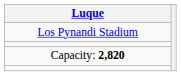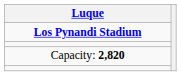 <table class="wikitable" style="margin:1em auto; text-align:center">
 <tr>
 <th width=220><a href='#'>Luque</a><br></th>
 <th rowspan=5 colspan=2></th>
 </tr>
 <tr>
-<td><a href='#'>Los Pynandi Stadium</a></td>
+<td><strong><a href='#'>Los Pynandi Stadium</a></strong></td>
 </tr>
 <tr>
 <td><small></small></td>
 </tr>
 <tr>
 <td>Capacity: <strong>2,820</strong></td>
 </tr>
 <tr>
 <td></td>
 </tr>
 </table>
